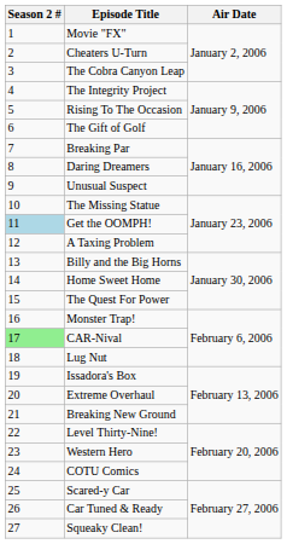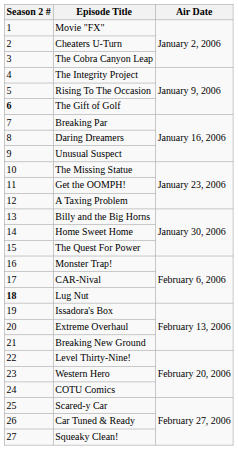 <table class="wikitable">
 <tr>
 <th>Season 2 #</th>
 <th>Episode Title</th>
 <th>Air Date</th>
 </tr>
 <tr>
 <td>1</td>
 <td>Movie "FX"</td>
 <td rowspan="3">January 2, 2006</td>
 </tr>
 <tr>
 <td>2</td>
 <td>Cheaters U-Turn</td>
 </tr>
 <tr>
 <td>3</td>
 <td>The Cobra Canyon Leap</td>
 </tr>
 <tr>
 <td>4</td>
 <td>The Integrity Project</td>
 <td rowspan="3">January 9, 2006</td>
 </tr>
 <tr>
 <td>5</td>
 <td>Rising To The Occasion</td>
 </tr>
 <tr>
-<td>6</td>
+<td><strong>6</strong></td>
 <td>The Gift of Golf</td>
 </tr>
 <tr>
 <td>7</td>
 <td>Breaking Par</td>
 <td rowspan="3">January 16, 2006</td>
 </tr>
 <tr>
 <td>8</td>
 <td>Daring Dreamers</td>
 </tr>
 <tr>
 <td>9</td>
 <td>Unusual Suspect</td>
 </tr>
 <tr>
 <td>10</td>
 <td>The Missing Statue</td>
 <td rowspan="3">January 23, 2006</td>
 </tr>
 <tr>
-<td style="background: lightblue;">11</td>
+<td>11</td>
 <td>Get the OOMPH!</td>
 </tr>
 <tr>
 <td>12</td>
 <td>A Taxing Problem</td>
 </tr>
 <tr>
 <td>13</td>
 <td>Billy and the Big Horns</td>
 <td rowspan="3">January 30, 2006</td>
 </tr>
 <tr>
 <td>14</td>
 <td>Home Sweet Home</td>
 </tr>
 <tr>
 <td>15</td>
 <td>The Quest For Power</td>
 </tr>
 <tr>
 <td>16</td>
 <td>Monster Trap!</td>
 <td rowspan="3">February 6, 2006</td>
 </tr>
 <tr>
-<td style="background: lightgreen;">17</td>
+<td>17</td>
 <td>CAR-Nival</td>
 </tr>
 <tr>
-<td>18</td>
+<td><strong>18</strong></td>
 <td>Lug Nut</td>
 </tr>
 <tr>
 <td>19</td>
 <td>Issadora's Box</td>
 <td rowspan="3">February 13, 2006</td>
 </tr>
 <tr>
 <td>20</td>
 <td>Extreme Overhaul</td>
 </tr>
 <tr>
 <td>21</td>
 <td>Breaking New Ground</td>
 </tr>
 <tr>
 <td>22</td>
 <td>Level Thirty-Nine!</td>
 <td rowspan="3">February 20, 2006</td>
 </tr>
 <tr>
 <td>23</td>
 <td>Western Hero</td>
 </tr>
 <tr>
 <td>24</td>
 <td>COTU Comics</td>
 </tr>
 <tr>
 <td>25</td>
 <td>Scared-y Car</td>
 <td rowspan="3">February 27, 2006</td>
 </tr>
 <tr>
 <td>26</td>
 <td>Car Tuned & Ready</td>
 </tr>
 <tr>
 <td>27</td>
 <td>Squeaky Clean!</td>
 </tr>
 </table>
